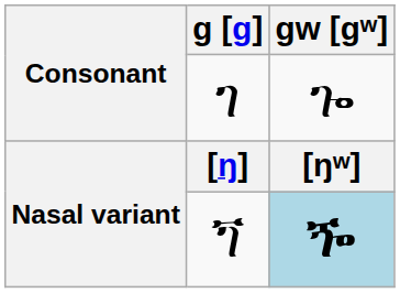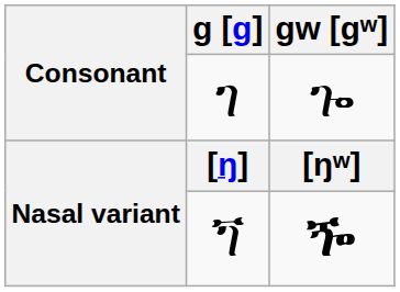 <table class="wikitable floatleft" style="text-align:center">
 <tr>
 <th rowspan="2">Consonant</th>
 <th><big>g [<a href='#'>ɡ</a>]</big></th>
 <th><big>gw [ɡʷ]</big></th>
 </tr>
 <tr style="font-size:2em">
 <td>ገ</td>
 <td>ጐ</td>
 </tr>
 <tr>
 <th rowspan="2">Nasal variant</th>
 <th><big>[<a href='#'>ŋ</a>]</big></th>
 <th><big>[ŋʷ]</big></th>
 </tr>
 <tr style="font-size:2em">
 <td>ጘ</td>
-<td style="background: lightblue;">ⶓ</td>
+<td>ⶓ</td>
 </tr>
 </table>
